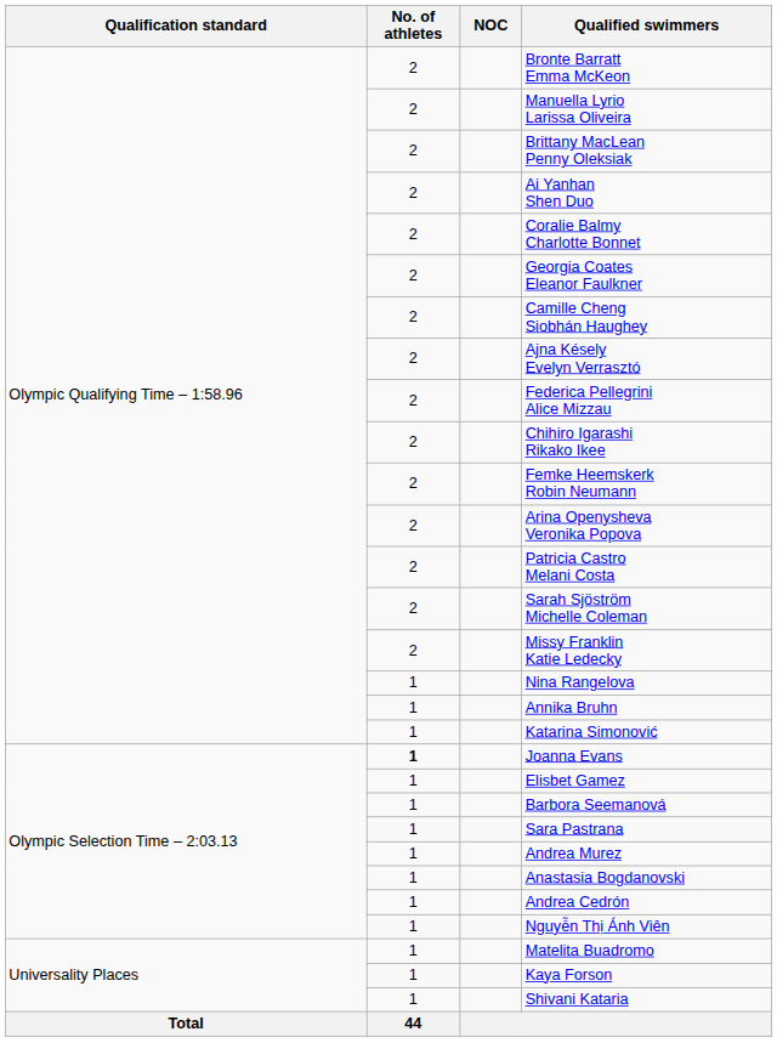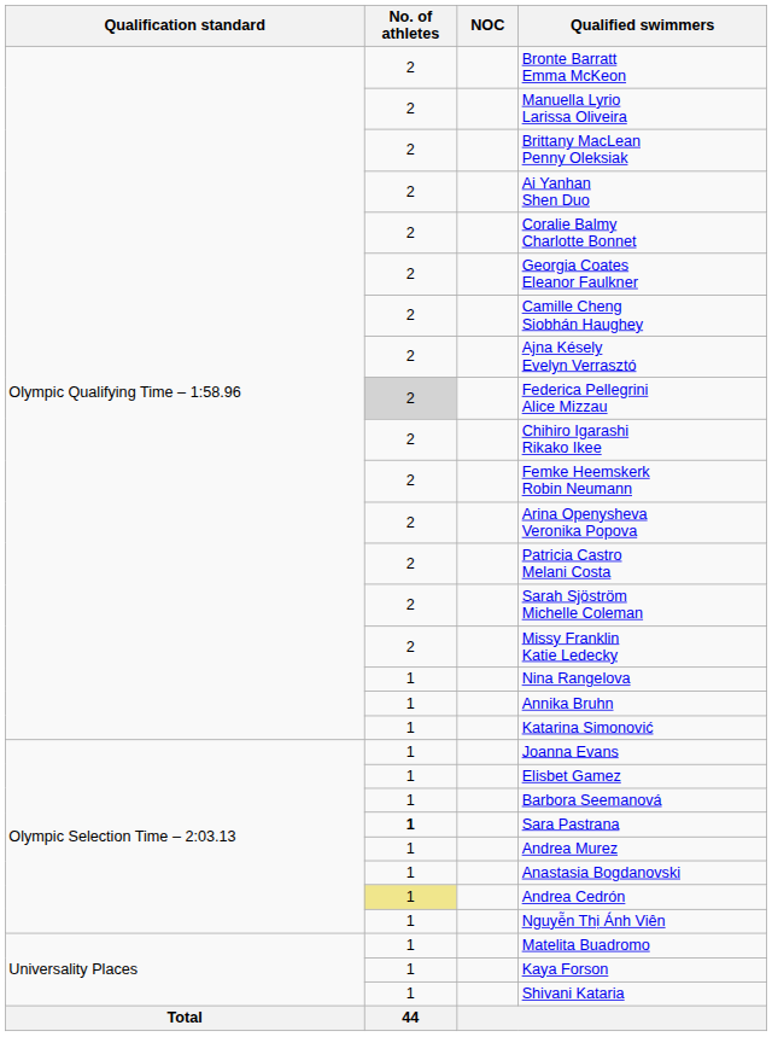 <table class=wikitable style="text-align:left" width=800>
 <tr>
 <th>Qualification standard</th>
 <th width=90>No. of athletes</th>
 <th>NOC</th>
 <th>Qualified swimmers</th>
 </tr>
 <tr>
 <td rowspan=18>Olympic Qualifying Time – 1:58.96</td>
 <td align=center>2</td>
 <td></td>
 <td><a href='#'>Bronte Barratt</a><br><a href='#'>Emma McKeon</a></td>
 </tr>
 <tr>
 <td align=center>2</td>
 <td></td>
 <td><a href='#'>Manuella Lyrio</a><br><a href='#'>Larissa Oliveira</a></td>
 </tr>
 <tr>
 <td align=center>2</td>
 <td></td>
 <td><a href='#'>Brittany MacLean</a><br><a href='#'>Penny Oleksiak</a></td>
 </tr>
 <tr>
 <td align=center>2</td>
 <td></td>
 <td><a href='#'>Ai Yanhan</a><br><a href='#'>Shen Duo</a></td>
 </tr>
 <tr>
 <td align=center>2</td>
 <td></td>
 <td><a href='#'>Coralie Balmy</a><br><a href='#'>Charlotte Bonnet</a></td>
 </tr>
 <tr>
 <td align=center>2</td>
 <td></td>
 <td><a href='#'>Georgia Coates</a><br><a href='#'>Eleanor Faulkner</a></td>
 </tr>
 <tr>
 <td align=center>2</td>
 <td></td>
 <td><a href='#'>Camille Cheng</a><br><a href='#'>Siobhán Haughey</a></td>
 </tr>
 <tr>
 <td align=center>2</td>
 <td></td>
 <td><a href='#'>Ajna Késely</a><br><a href='#'>Evelyn Verrasztó</a></td>
 </tr>
 <tr>
-<td align=center>2</td>
+<td align=center style="background: lightgrey;">2</td>
 <td></td>
 <td><a href='#'>Federica Pellegrini</a><br><a href='#'>Alice Mizzau</a></td>
 </tr>
 <tr>
 <td align=center>2</td>
 <td></td>
 <td><a href='#'>Chihiro Igarashi</a><br><a href='#'>Rikako Ikee</a></td>
 </tr>
 <tr>
 <td align=center>2</td>
 <td></td>
 <td><a href='#'>Femke Heemskerk</a><br><a href='#'>Robin Neumann</a></td>
 </tr>
 <tr>
 <td align=center>2</td>
 <td></td>
 <td><a href='#'>Arina Openysheva</a><br><a href='#'>Veronika Popova</a></td>
 </tr>
 <tr>
 <td align=center>2</td>
 <td></td>
 <td><a href='#'>Patricia Castro</a><br><a href='#'>Melani Costa</a></td>
 </tr>
 <tr>
 <td align=center>2</td>
 <td></td>
 <td><a href='#'>Sarah Sjöström</a><br><a href='#'>Michelle Coleman</a></td>
 </tr>
 <tr>
 <td align=center>2</td>
 <td></td>
 <td><a href='#'>Missy Franklin</a><br><a href='#'>Katie Ledecky</a></td>
 </tr>
 <tr>
 <td align=center>1</td>
 <td></td>
 <td><a href='#'>Nina Rangelova</a></td>
 </tr>
 <tr>
 <td align=center>1</td>
 <td></td>
 <td><a href='#'>Annika Bruhn</a></td>
 </tr>
 <tr>
 <td align=center>1</td>
 <td></td>
 <td><a href='#'>Katarina Simonović</a></td>
 </tr>
 <tr>
 <td rowspan=8>Olympic Selection Time – 2:03.13</td>
-<td align=center><strong>1</strong></td>
+<td align=center>1</td>
 <td></td>
 <td><a href='#'>Joanna Evans</a></td>
 </tr>
 <tr>
 <td align=center>1</td>
 <td></td>
 <td><a href='#'>Elisbet Gamez</a></td>
 </tr>
 <tr>
 <td align=center>1</td>
 <td></td>
 <td><a href='#'>Barbora Seemanová</a></td>
 </tr>
 <tr>
-<td align=center>1</td>
+<td align=center><strong>1</strong></td>
 <td></td>
 <td><a href='#'>Sara Pastrana</a></td>
 </tr>
 <tr>
 <td align=center>1</td>
 <td></td>
 <td><a href='#'>Andrea Murez</a></td>
 </tr>
 <tr>
 <td align=center>1</td>
 <td></td>
 <td><a href='#'>Anastasia Bogdanovski</a></td>
 </tr>
 <tr>
-<td align=center>1</td>
+<td align=center style="background: khaki;">1</td>
 <td></td>
 <td><a href='#'>Andrea Cedrón</a></td>
 </tr>
 <tr>
 <td align=center>1</td>
 <td></td>
 <td><a href='#'>Nguyễn Thị Ánh Viên</a></td>
 </tr>
 <tr>
 <td rowspan=3>Universality Places</td>
 <td align=center>1</td>
 <td></td>
 <td><a href='#'>Matelita Buadromo</a></td>
 </tr>
 <tr>
 <td align=center>1</td>
 <td></td>
 <td><a href='#'>Kaya Forson</a></td>
 </tr>
 <tr>
 <td align=center>1</td>
 <td></td>
 <td><a href='#'>Shivani Kataria</a></td>
 </tr>
 <tr>
 <th><strong>Total</strong></th>
 <th>44</th>
 <th colspan=2></th>
 </tr>
 </table>
